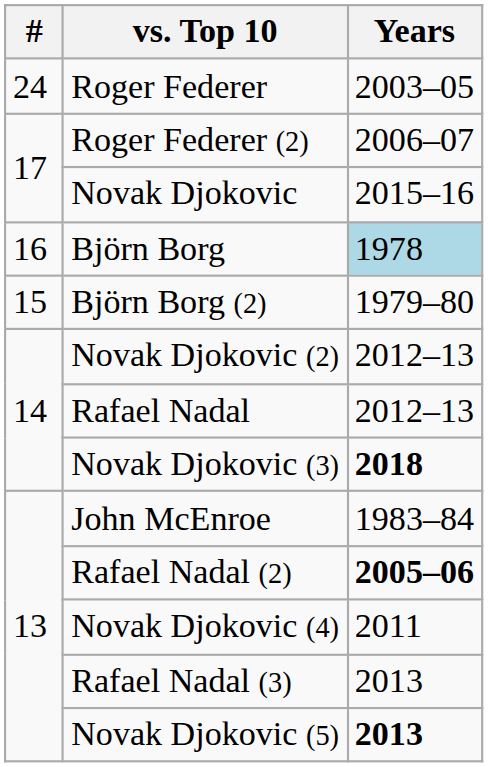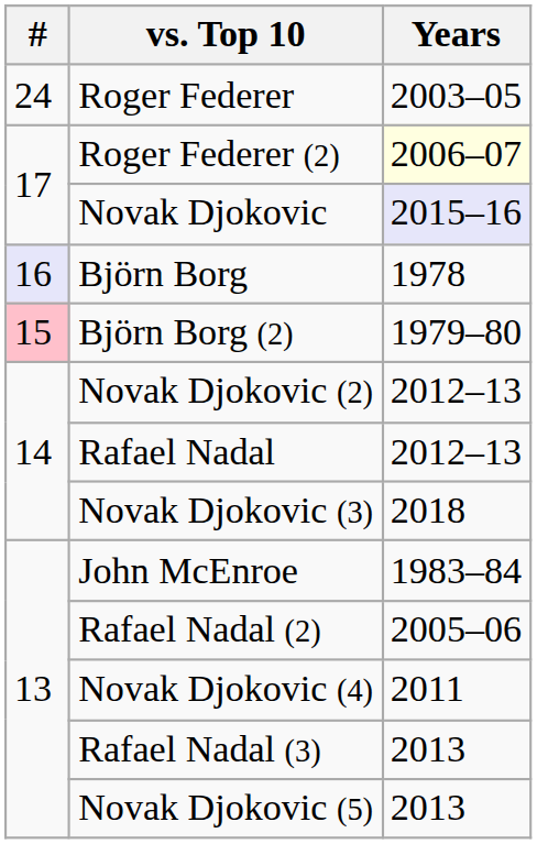 <table class="wikitable" style="display:inline-table;">
 <tr>
 <th width=20>#</th>
 <th>vs. Top 10</th>
 <th>Years</th>
 </tr>
 <tr>
 <td>24</td>
 <td> Roger Federer</td>
 <td>2003–05</td>
 </tr>
 <tr>
 <td rowspan=2>17</td>
 <td> Roger Federer <small>(2)</small></td>
-<td>2006–07</td>
+<td style="background: lightyellow;">2006–07</td>
 </tr>
 <tr>
 <td> Novak Djokovic</td>
-<td>2015–16</td>
+<td style="background: lavender;">2015–16</td>
 </tr>
 <tr>
-<td>16</td>
+<td style="background: lavender;">16</td>
 <td> Björn Borg</td>
-<td style="background: lightblue;">1978</td>
+<td>1978</td>
 </tr>
 <tr>
-<td>15</td>
+<td style="background: pink;">15</td>
 <td> Björn Borg <small>(2)</small></td>
 <td>1979–80</td>
 </tr>
 <tr>
 <td rowspan=3>14</td>
 <td> Novak Djokovic <small>(2)</small></td>
 <td>2012–13</td>
 </tr>
 <tr>
 <td> Rafael Nadal</td>
 <td>2012–13</td>
 </tr>
 <tr>
 <td> Novak Djokovic <small>(3)</small></td>
-<td><strong>2018</strong></td>
+<td>2018</td>
 </tr>
 <tr>
 <td rowspan=5>13</td>
 <td> John McEnroe</td>
 <td>1983–84</td>
 </tr>
 <tr>
 <td> Rafael Nadal <small>(2)</small></td>
-<td><strong>2005–06</strong></td>
+<td>2005–06</td>
 </tr>
 <tr>
 <td> Novak Djokovic <small>(4)</small></td>
 <td>2011</td>
 </tr>
 <tr>
 <td> Rafael Nadal <small>(3)</small></td>
 <td>2013</td>
 </tr>
 <tr>
 <td> Novak Djokovic <small>(5)</small></td>
-<td><strong>2013</strong></td>
+<td>2013</td>
 </tr>
 </table>
